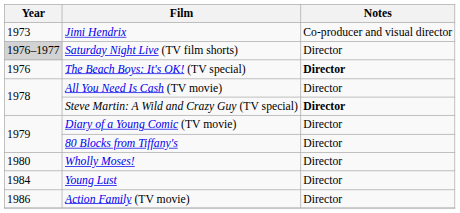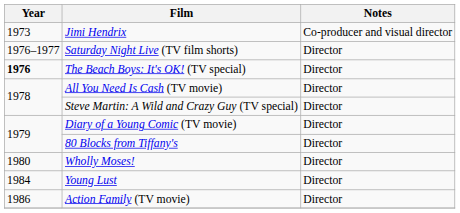 <table class="wikitable">
 <tr>
 <th>Year</th>
 <th>Film</th>
 <th>Notes</th>
 </tr>
 <tr>
 <td>1973</td>
 <td><em><a href='#'>Jimi Hendrix</a></em></td>
 <td>Co-producer and visual director</td>
 </tr>
 <tr>
-<td style="background: lightgrey;">1976–1977</td>
+<td>1976–1977</td>
 <td><em><a href='#'>Saturday Night Live</a></em> (TV film shorts)</td>
 <td>Director</td>
 </tr>
 <tr>
-<td>1976</td>
+<td><strong>1976</strong></td>
 <td><em><a href='#'>The Beach Boys: It's OK!</a></em> (TV special)</td>
-<td><strong>Director</strong></td>
+<td>Director</td>
 </tr>
 <tr>
 <td rowspan="2">1978</td>
 <td><em><a href='#'>All You Need Is Cash</a></em> (TV movie)</td>
 <td>Director</td>
 </tr>
 <tr>
 <td><em>Steve Martin: A Wild and Crazy Guy</em>  (TV special)</td>
-<td><strong>Director</strong></td>
+<td>Director</td>
 </tr>
 <tr>
 <td rowspan="2">1979</td>
 <td><em><a href='#'>Diary of a Young Comic</a></em> (TV movie)</td>
 <td>Director</td>
 </tr>
 <tr>
 <td><em><a href='#'>80 Blocks from Tiffany's</a></em></td>
 <td>Director</td>
 </tr>
 <tr>
 <td>1980</td>
 <td><em><a href='#'>Wholly Moses!</a></em></td>
 <td>Director</td>
 </tr>
 <tr>
 <td>1984</td>
 <td><em><a href='#'>Young Lust</a></em></td>
 <td>Director</td>
 </tr>
 <tr>
 <td>1986</td>
 <td><em><a href='#'>Action Family</a></em> (TV movie)</td>
 <td>Director</td>
 </tr>
 <tr>
 </tr>
 </table>
